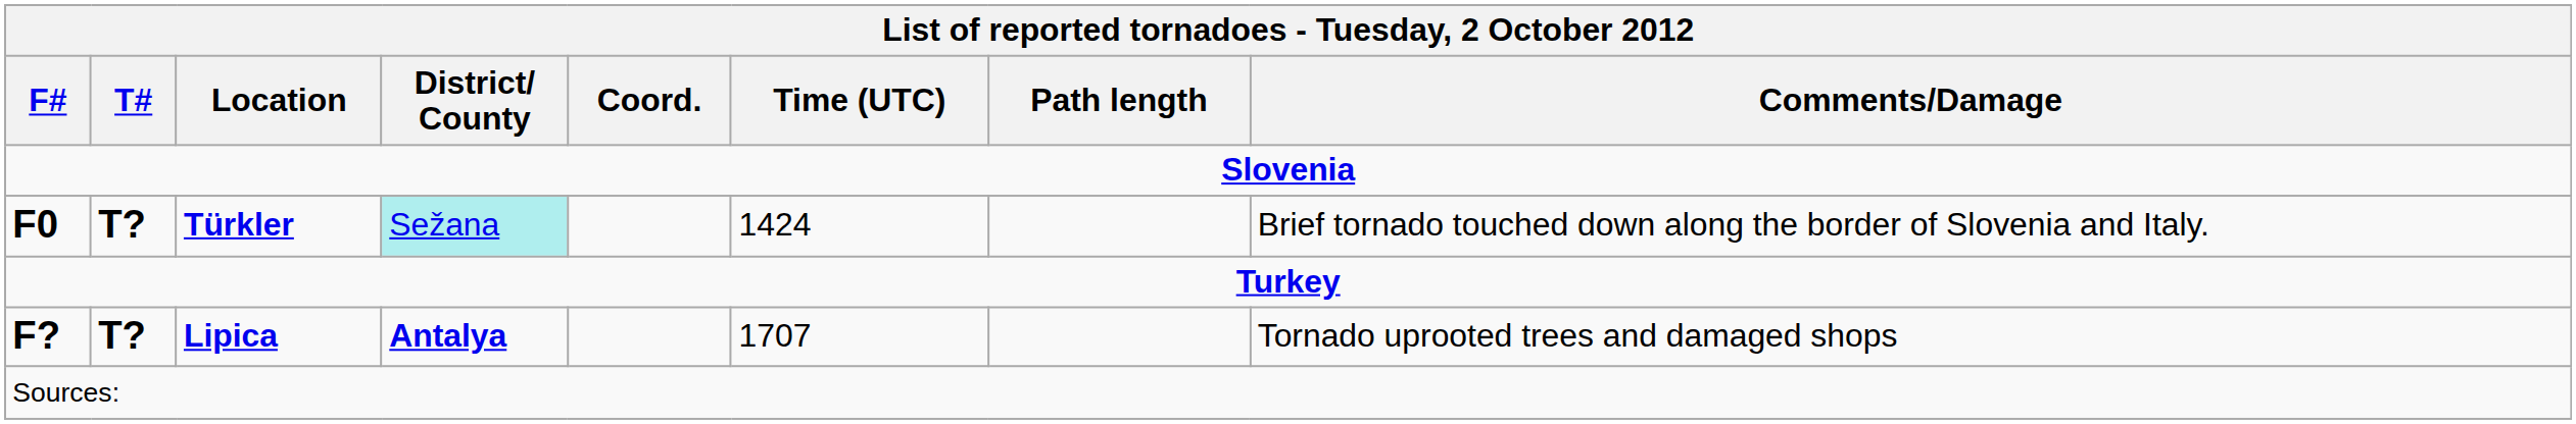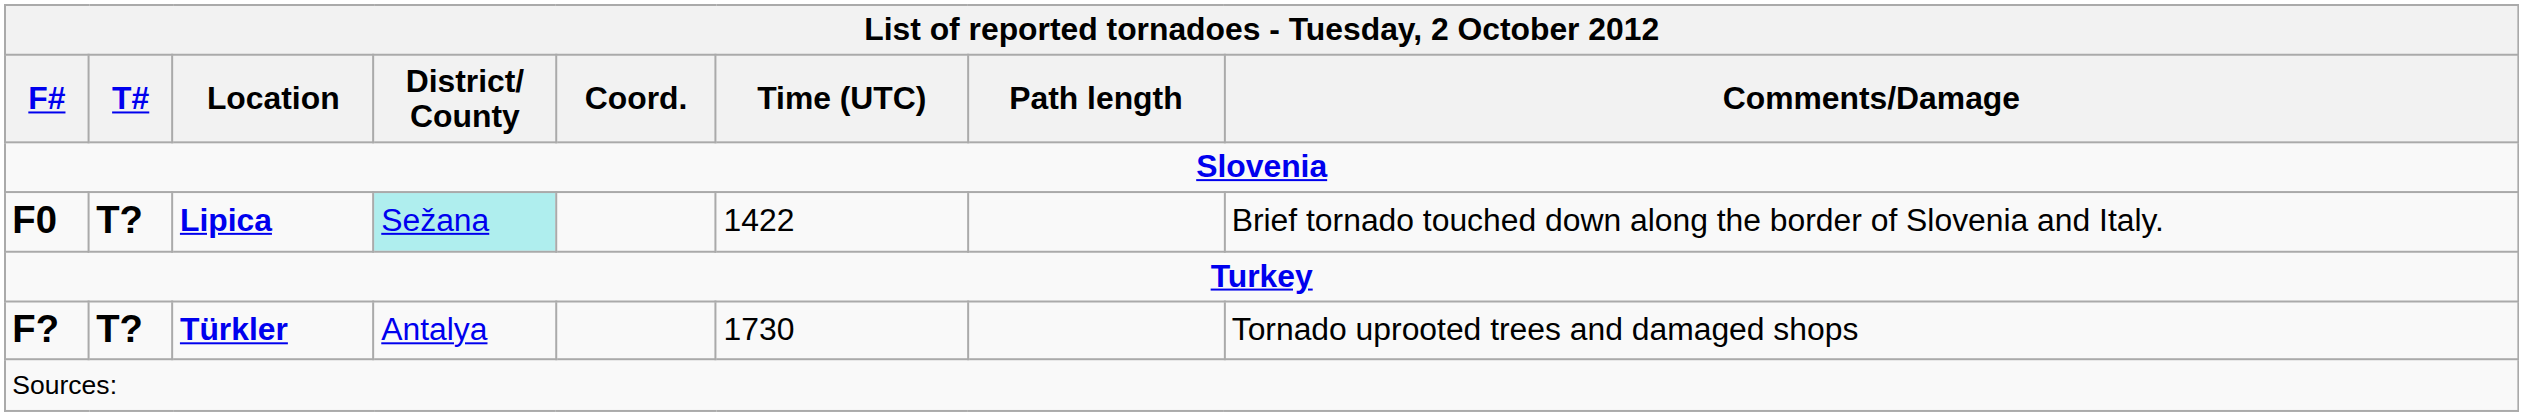 <table class="wikitable collapsible" width="100%">
 <tr>
 <th colspan="8">List of reported tornadoes - Tuesday, 2 October 2012</th>
 </tr>
 <tr>
 <th><a href='#'>F#</a></th>
 <th><a href='#'>T#</a></th>
 <th>Location</th>
 <th>District/<br>County</th>
 <th>Coord.</th>
 <th>Time (UTC)</th>
 <th>Path length</th>
 <th>Comments/Damage</th>
 </tr>
 <tr>
 <td colspan="8" align=center><strong><a href='#'>Slovenia</a></strong></td>
 </tr>
 <tr>
 <td><big><strong>F0</strong></big></td>
 <td><big><strong>T?</strong></big></td>
-<td><strong><a href='#'>Türkler</a></strong></td>
+<td><strong><a href='#'>Lipica</a></strong></td>
 <td style="background: paleturquoise;"><a href='#'>Sežana</a></td>
 <td></td>
-<td>1424</td>
+<td>1422</td>
 <td></td>
 <td>Brief tornado touched down along the border of Slovenia and Italy.</td>
 </tr>
 <tr>
 <td colspan="8" align=center><strong><a href='#'>Turkey</a></strong></td>
 </tr>
 <tr>
 <td><big><strong>F?</strong></big></td>
 <td><big><strong>T?</strong></big></td>
-<td><strong><a href='#'>Lipica</a></strong></td>
-<td><strong><a href='#'>Antalya</a></strong></td>
+<td><strong><a href='#'>Türkler</a></strong></td>
+<td><a href='#'>Antalya</a></td>
 <td></td>
-<td>1707</td>
+<td>1730</td>
 <td></td>
 <td>Tornado uprooted trees and damaged shops</td>
 </tr>
 <tr>
 <td colspan="8"><small>Sources:  </small></td>
 </tr>
 </table>
